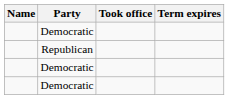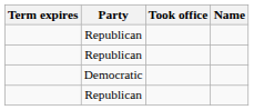 <table class="wikitable sortable" style="text-align:center">
 <tr>
-<th>Name</th>
+<th>Term expires</th>
 <th>Party</th>
 <th>Took office</th>
-<th>Term expires</th>
+<th>Name</th>
 </tr>
 <tr>
+<td></td>
+<td>Republican</td>
+<td></td>
 <td> </td>
-<td>Democratic</td>
-<td></td>
-<td></td>
 </tr>
 <tr>
-<td> </td>
+<td></td>
 <td>Republican</td>
 <td></td>
-<td></td>
+<td> </td>
 </tr>
 <tr>
 <td></td>
 <td>Democratic</td>
 <td></td>
 <td></td>
 </tr>
 <tr>
 <td></td>
-<td>Democratic</td>
+<td>Republican</td>
 <td></td>
 <td></td>
 </tr>
 </table>
